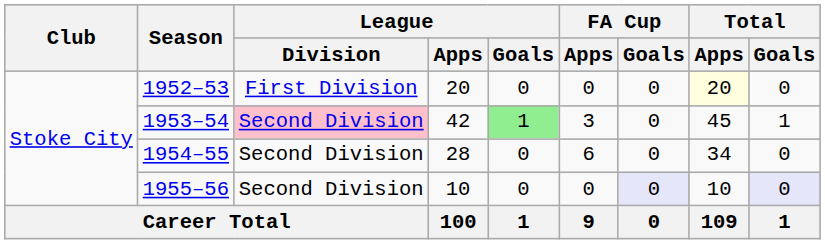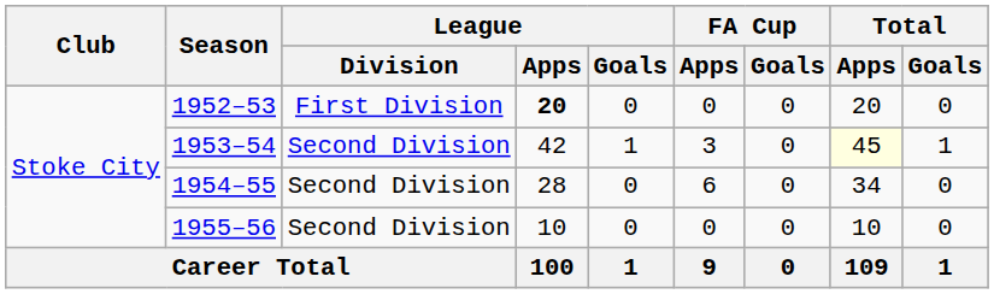 <table class="wikitable" style="text-align: center;">
 <tr>
 <th rowspan="2">Club</th>
 <th rowspan="2">Season</th>
 <th colspan="3">League</th>
 <th colspan="2">FA Cup</th>
 <th colspan="2">Total</th>
 </tr>
 <tr>
 <th>Division</th>
 <th>Apps</th>
 <th>Goals</th>
 <th>Apps</th>
 <th>Goals</th>
 <th>Apps</th>
 <th>Goals</th>
 </tr>
 <tr>
 <td rowspan="4"><a href='#'>Stoke City</a></td>
 <td><a href='#'>1952–53</a></td>
 <td><a href='#'>First Division</a></td>
-<td>20</td>
+<td><strong>20</strong></td>
 <td>0</td>
 <td>0</td>
 <td>0</td>
-<td style="background: lightyellow;">20</td>
+<td>20</td>
 <td>0</td>
 </tr>
 <tr>
 <td><a href='#'>1953–54</a></td>
-<td style="background: pink;"><a href='#'>Second Division</a></td>
+<td><a href='#'>Second Division</a></td>
 <td>42</td>
-<td style="background: lightgreen;">1</td>
+<td>1</td>
 <td>3</td>
 <td>0</td>
-<td>45</td>
+<td style="background: lightyellow;">45</td>
 <td>1</td>
 </tr>
 <tr>
 <td><a href='#'>1954–55</a></td>
 <td>Second Division</td>
 <td>28</td>
 <td>0</td>
 <td>6</td>
 <td>0</td>
 <td>34</td>
 <td>0</td>
 </tr>
 <tr>
 <td><a href='#'>1955–56</a></td>
 <td>Second Division</td>
 <td>10</td>
 <td>0</td>
 <td>0</td>
-<td style="background: lavender;">0</td>
+<td>0</td>
 <td>10</td>
-<td style="background: lavender;">0</td>
+<td>0</td>
 </tr>
 <tr>
 <th colspan="3">Career Total</th>
 <th>100</th>
 <th>1</th>
 <th>9</th>
 <th>0</th>
 <th>109</th>
 <th>1</th>
 </tr>
 </table>
